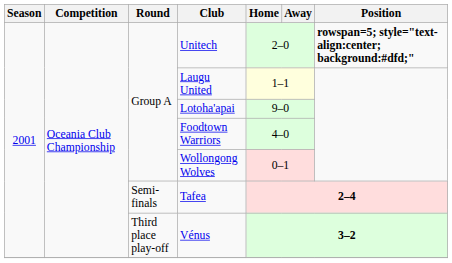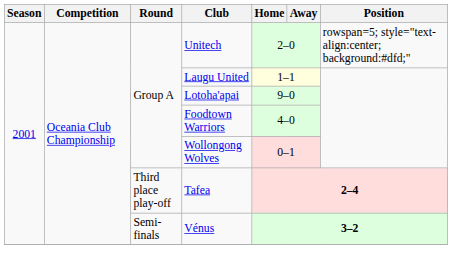 <table class="wikitable">
 <tr>
 <th>Season</th>
 <th>Competition</th>
 <th>Round</th>
 <th>Club</th>
 <th>Home</th>
 <th>Away</th>
 <th>Position</th>
 </tr>
 <tr>
 <td rowspan="7" style="text-align:center;"><a href='#'>2001</a></td>
 <td rowspan="7"><a href='#'>Oceania Club Championship</a></td>
 <td rowspan="5">Group A</td>
 <td> <a href='#'>Unitech</a></td>
 <td colspan="2;" style="text-align:center; background:#dfd;">2–0</td>
-<td><strong>rowspan=5; style="text-align:center; background:#dfd;" </strong></td>
+<td>rowspan=5; style="text-align:center; background:#dfd;" </td>
 </tr>
 <tr>
 <td> <a href='#'>Laugu United</a></td>
 <td colspan=2; style="text-align:center; background:#ffd;">1–1</td>
 </tr>
 <tr>
 <td> <a href='#'>Lotoha'apai</a></td>
 <td colspan=2; style="text-align:center; background:#dfd;">9–0</td>
 </tr>
 <tr>
 <td> <a href='#'>Foodtown Warriors</a></td>
 <td colspan=2; style="text-align:center; background:#dfd;">4–0</td>
 </tr>
 <tr>
 <td> <a href='#'>Wollongong Wolves</a></td>
 <td colspan=2; style="text-align:center; background:#fdd;">0–1</td>
 </tr>
 <tr>
-<td>Semi-finals</td>
+<td>Third place play-off</td>
 <td> <a href='#'>Tafea</a></td>
 <td colspan=3; style="text-align:center; background:#fdd;"><strong>2–4</strong></td>
 </tr>
 <tr>
-<td>Third place play-off</td>
+<td>Semi-finals</td>
 <td> <a href='#'>Vénus</a></td>
 <td colspan=3 style="text-align:center; background:#dfd;"><strong>3–2</strong></td>
 </tr>
 <tr>
 </tr>
 </table>
